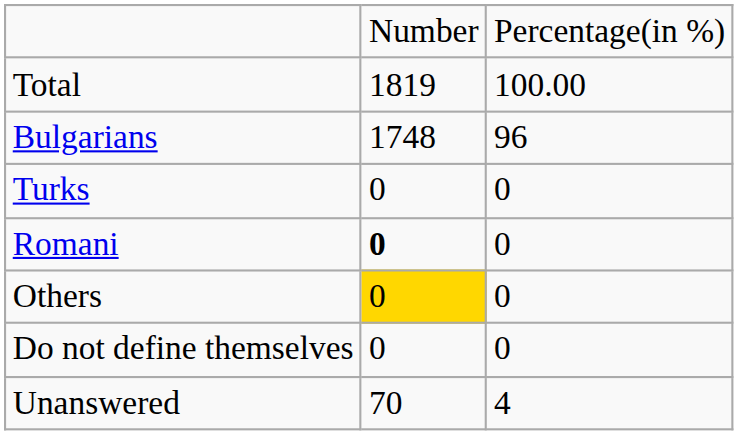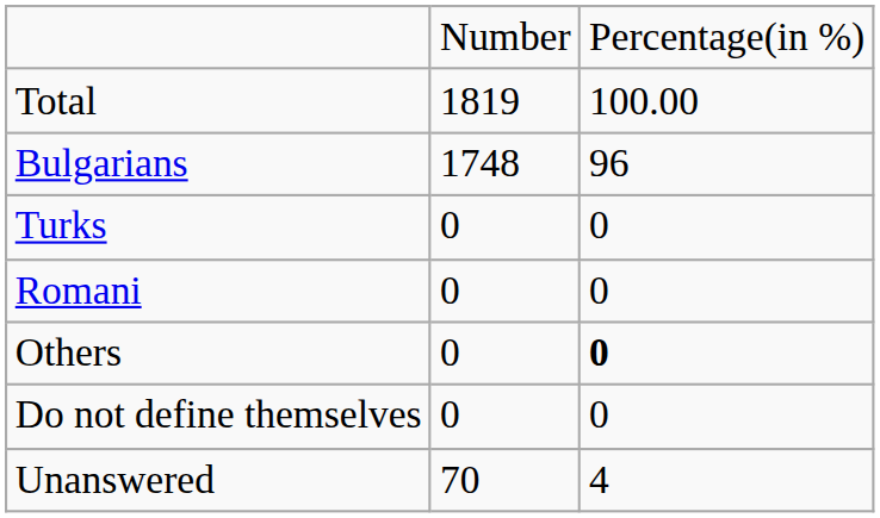 <table class="wikitable">
 <tr>
 <td></td>
 <td>Number</td>
 <td>Percentage(in %)</td>
 </tr>
 <tr>
 <td>Total</td>
 <td>1819</td>
 <td>100.00</td>
 </tr>
 <tr>
 <td><a href='#'>Bulgarians</a></td>
 <td>1748</td>
 <td>96</td>
 </tr>
 <tr>
 <td><a href='#'>Turks</a></td>
 <td>0</td>
 <td>0</td>
 </tr>
 <tr>
 <td><a href='#'>Romani</a></td>
-<td><strong>0</strong></td>
+<td>0</td>
 <td>0</td>
 </tr>
 <tr>
 <td>Others</td>
-<td style="background: gold;">0</td>
 <td>0</td>
+<td><strong>0</strong></td>
 </tr>
 <tr>
 <td>Do not define themselves</td>
 <td>0</td>
 <td>0</td>
 </tr>
 <tr>
 <td>Unanswered</td>
 <td>70</td>
 <td>4</td>
 </tr>
 </table>
